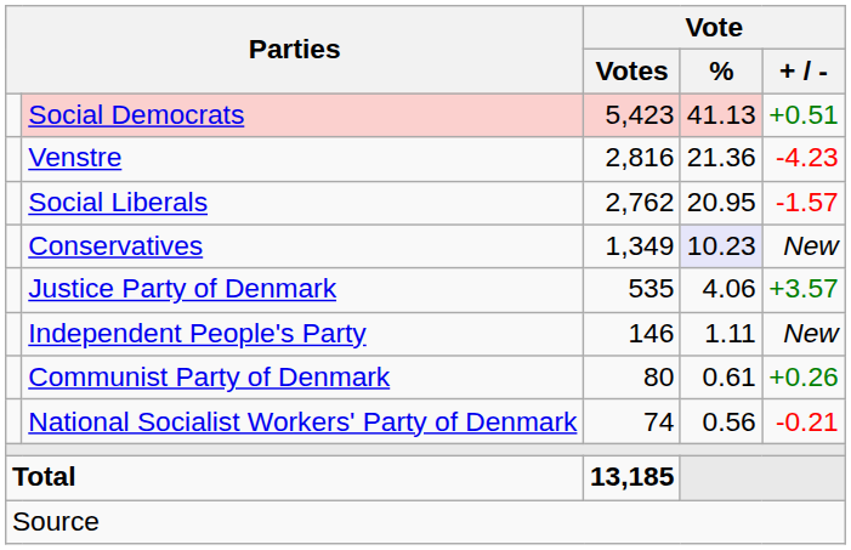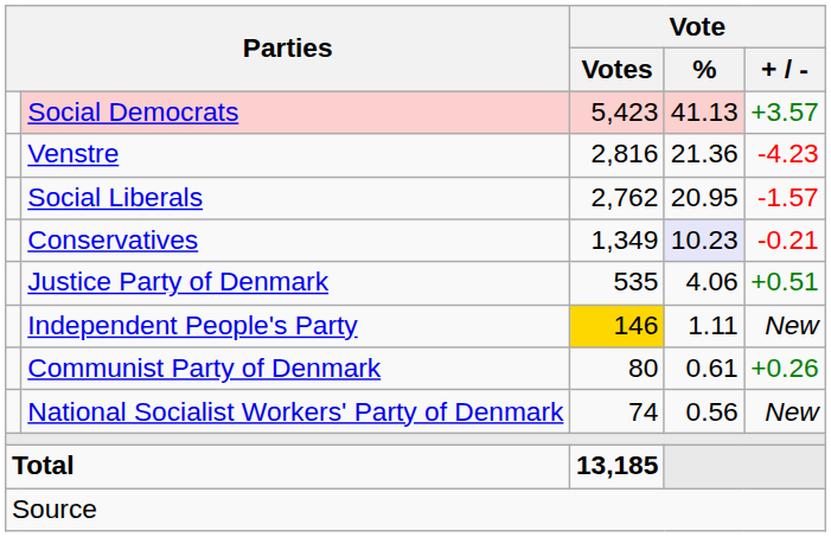 <table class="wikitable" style="text-align:right;">
 <tr>
 <th style="text-align:centre;" rowspan="2" colspan="2" width="225">Parties</th>
 <th colspan="3">Vote</th>
 </tr>
 <tr>
 <th width="15">Votes</th>
 <th width="15">%</th>
 <th width="15">+ / -</th>
 </tr>
 <tr>
 <td width="2" style="color:inherit;background:"></td>
 <td bgcolor=#fbd0ce  align="left"><a href='#'>Social Democrats</a></td>
 <td bgcolor=#fbd0ce>5,423</td>
 <td bgcolor=#fbd0ce>41.13</td>
-<td style=color:green;>+0.51</td>
+<td style=color:green;>+3.57</td>
 </tr>
 <tr>
 <td width="2" style="color:inherit;background:"></td>
 <td align="left"><a href='#'>Venstre</a></td>
 <td>2,816</td>
 <td>21.36</td>
 <td style=color:red;>-4.23</td>
 </tr>
 <tr>
 <td width="2" style="color:inherit;background:"></td>
 <td align="left"><a href='#'>Social Liberals</a></td>
 <td>2,762</td>
 <td>20.95</td>
 <td style=color:red;>-1.57</td>
 </tr>
 <tr>
 <td width="2" style="color:inherit;background:"></td>
 <td align="left"><a href='#'>Conservatives</a></td>
 <td>1,349</td>
 <td style="background: lavender;">10.23</td>
-<td><em>New</em></td>
+<td style=color:red;>-0.21</td>
 </tr>
 <tr>
 <td width="2" style="color:inherit;background:"></td>
 <td align="left"><a href='#'>Justice Party of Denmark</a></td>
 <td>535</td>
 <td>4.06</td>
-<td style=color:green;>+3.57</td>
+<td style=color:green;>+0.51</td>
 </tr>
 <tr>
 <td width="2" style="color:inherit;background:"></td>
 <td align="left"><a href='#'>Independent People's Party</a></td>
-<td>146</td>
+<td style="background: gold;">146</td>
 <td>1.11</td>
 <td><em>New</em></td>
 </tr>
 <tr>
 <td width="2" style="color:inherit;background:"></td>
 <td align="left"><a href='#'>Communist Party of Denmark</a></td>
 <td>80</td>
 <td>0.61</td>
 <td style=color:green;>+0.26</td>
 </tr>
 <tr>
 <td width="2" style="color:inherit;background:"></td>
 <td align="left"><a href='#'>National Socialist Workers' Party of Denmark</a></td>
 <td>74</td>
 <td>0.56</td>
-<td style=color:red;>-0.21</td>
+<td><em>New</em></td>
 </tr>
 <tr>
 <td colspan="7" bgcolor="#E9E9E9"></td>
 </tr>
 <tr>
 <td align="left" colspan="2"><strong>Total</strong></td>
 <td><strong>13,185</strong></td>
 <td bgcolor="#E9E9E9" colspan="2"></td>
 </tr>
 <tr>
 <td align="left" colspan="6">Source</td>
 </tr>
 </table>
